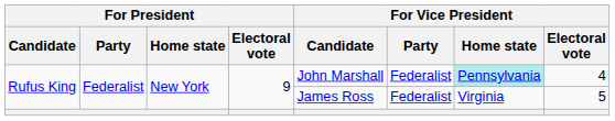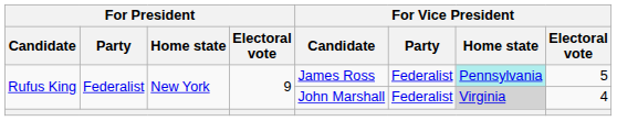 <table class=wikitable>
 <tr>
 <th colspan=4>For President</th>
 <th colspan=4>For Vice President</th>
 </tr>
 <tr>
 <th>Candidate</th>
 <th>Party</th>
 <th>Home state</th>
 <th>Electoral<br>vote</th>
 <th>Candidate</th>
 <th>Party</th>
 <th>Home state</th>
 <th>Electoral<br>vote</th>
 </tr>
 <tr>
 <td rowspan=2><a href='#'>Rufus King</a></td>
 <td rowspan=2><a href='#'>Federalist</a></td>
 <td rowspan=2><a href='#'>New York</a></td>
 <td align=right rowspan=2>9</td>
+<td><a href='#'>James Ross</a></td>
+<td><a href='#'>Federalist</a></td>
+<td style="background: paleturquoise;"><a href='#'>Pennsylvania</a></td>
+<td align=right>5</td>
+</tr>
+<tr>
 <td><a href='#'>John Marshall</a></td>
 <td><a href='#'>Federalist</a></td>
-<td style="background: paleturquoise;"><a href='#'>Pennsylvania</a></td>
+<td style="background: lightgrey;"><a href='#'>Virginia</a></td>
 <td align=right>4</td>
-</tr>
-<tr>
-<td><a href='#'>James Ross</a></td>
-<td><a href='#'>Federalist</a></td>
-<td><a href='#'>Virginia</a></td>
-<td align=right>5</td>
 </tr>
 <tr>
 <th colspan=3></th>
 <th></th>
 <th colspan=3></th>
 <th></th>
 </tr>
 </table>
